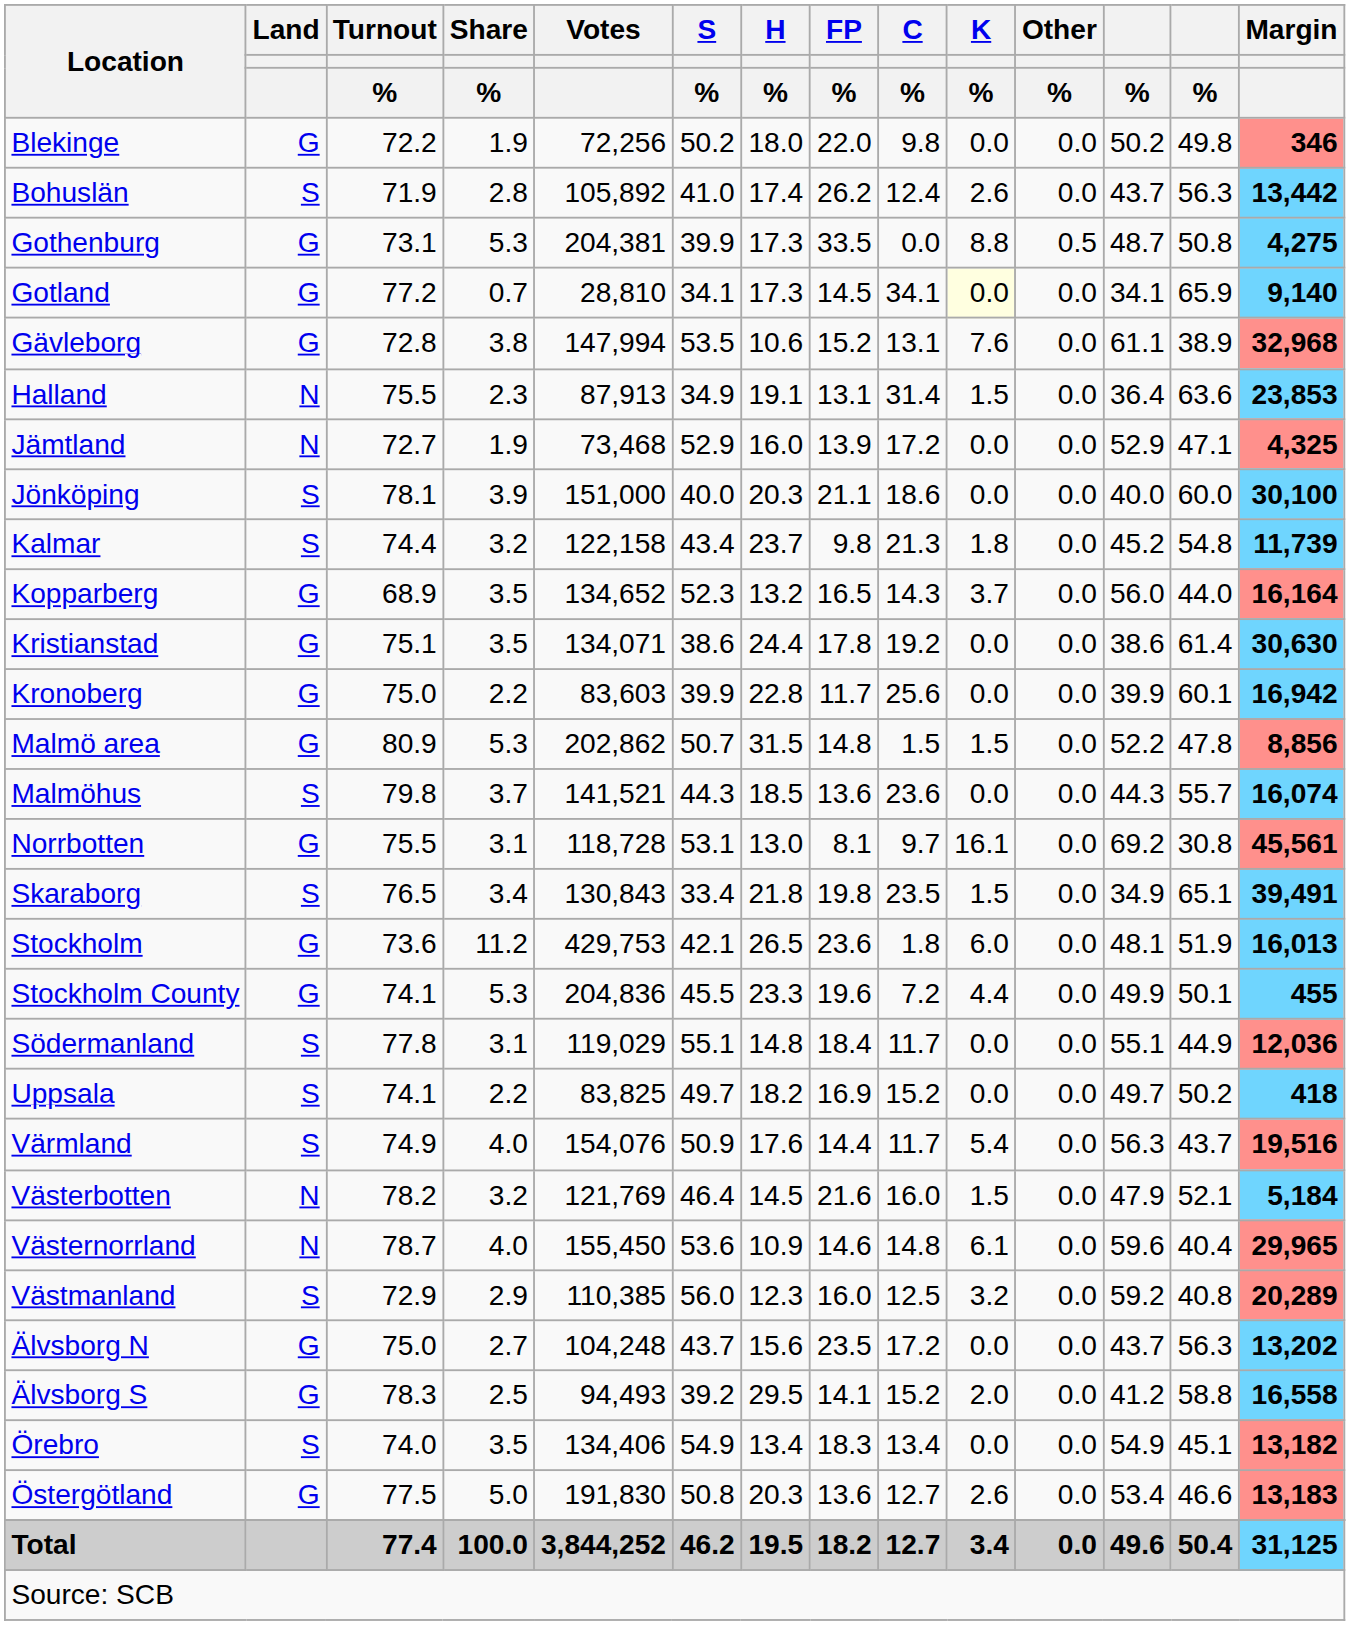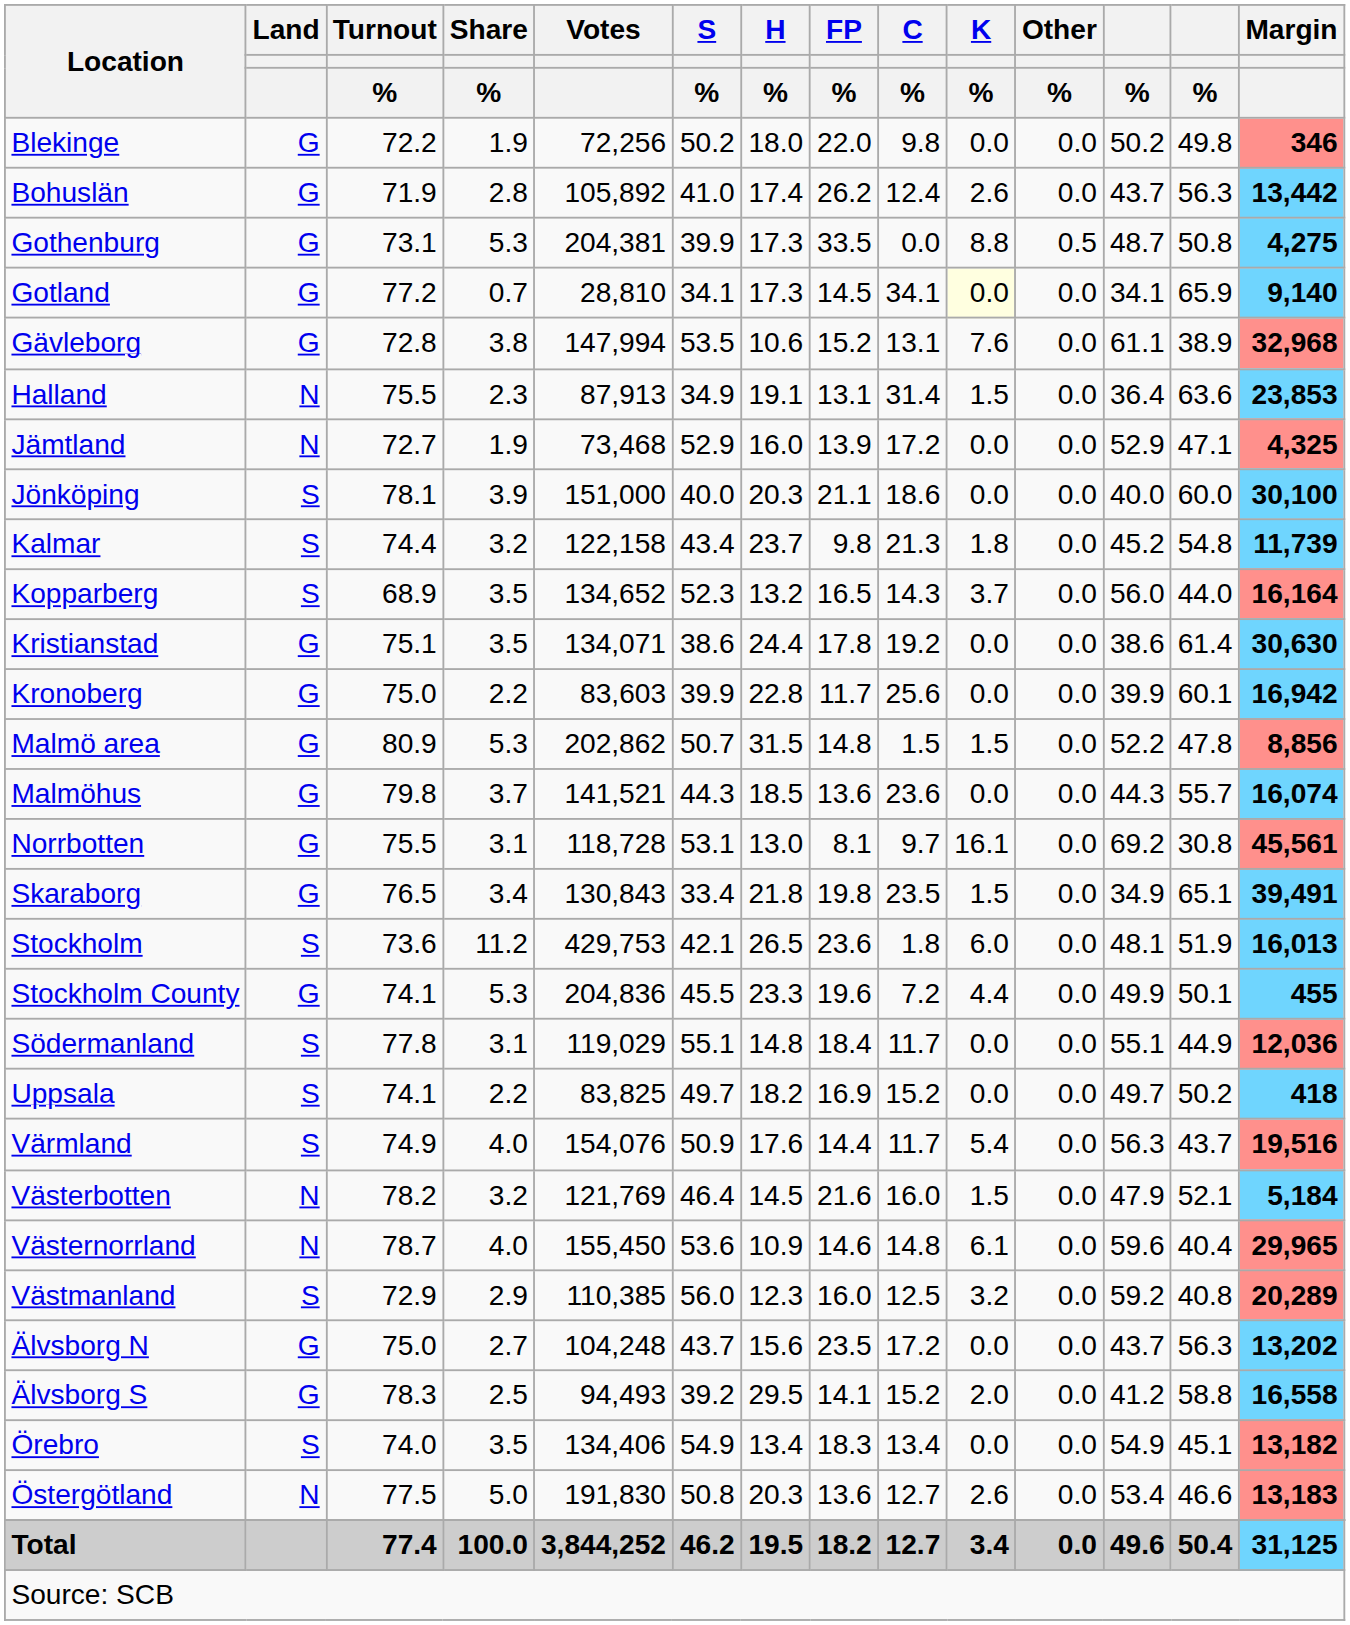 <table class="wikitable sortable" style="text-align:right; font-size:95%; line-height:20px;">
 <tr>
 <th rowspan="3">Location</th>
 <th>Land</th>
 <th>Turnout</th>
 <th>Share</th>
 <th>Votes</th>
 <th width="30px" class="unsortable"><a href='#'>S</a></th>
 <th width="30px" class="unsortable"><a href='#'>H</a></th>
 <th width="30px" class="unsortable"><a href='#'>FP</a></th>
 <th width="30px" class="unsortable"><a href='#'>C</a></th>
 <th width="30px" class="unsortable"><a href='#'>K</a></th>
 <th width="30px" class="unsortable">Other</th>
 <th></th>
 <th></th>
 <th>Margin</th>
 </tr>
 <tr>
 <th></th>
 <th></th>
 <th></th>
 <th></th>
 <th style="background:"></th>
 <th style="background:"></th>
 <th style="background:"></th>
 <th style="background:"></th>
 <th style="background:"></th>
 <th style="background:"></th>
 <th style="background:"></th>
 <th style="background:"></th>
 <th></th>
 </tr>
 <tr>
 <th></th>
 <th data-sort-type="number">%</th>
 <th data-sort-type="number">%</th>
 <th></th>
 <th data-sort-type="number">%</th>
 <th data-sort-type="number">%</th>
 <th data-sort-type="number">%</th>
 <th data-sort-type="number">%</th>
 <th data-sort-type="number">%</th>
 <th data-sort-type="number">%</th>
 <th data-sort-type="number">%</th>
 <th data-sort-type="number">%</th>
 <th></th>
 </tr>
 <tr>
 <td align=left><a href='#'>Blekinge</a></td>
 <td><a href='#'>G</a></td>
 <td>72.2</td>
 <td>1.9</td>
 <td>72,256</td>
 <td>50.2</td>
 <td>18.0</td>
 <td>22.0</td>
 <td>9.8</td>
 <td>0.0</td>
 <td>0.0</td>
 <td>50.2</td>
 <td>49.8</td>
 <td bgcolor=#ff908c><strong>346</strong></td>
 </tr>
 <tr>
 <td align=left><a href='#'>Bohuslän</a></td>
-<td><a href='#'>S</a></td>
+<td><a href='#'>G</a></td>
 <td>71.9</td>
 <td>2.8</td>
 <td>105,892</td>
 <td>41.0</td>
 <td>17.4</td>
 <td>26.2</td>
 <td>12.4</td>
 <td>2.6</td>
 <td>0.0</td>
 <td>43.7</td>
 <td>56.3</td>
 <td bgcolor=#6fd5fe><strong>13,442</strong></td>
 </tr>
 <tr>
 <td align=left><a href='#'>Gothenburg</a></td>
 <td><a href='#'>G</a></td>
 <td>73.1</td>
 <td>5.3</td>
 <td>204,381</td>
 <td>39.9</td>
 <td>17.3</td>
 <td>33.5</td>
 <td>0.0</td>
 <td>8.8</td>
 <td>0.5</td>
 <td>48.7</td>
 <td>50.8</td>
 <td bgcolor=#6fd5fe><strong>4,275</strong></td>
 </tr>
 <tr>
 <td align=left><a href='#'>Gotland</a></td>
 <td><a href='#'>G</a></td>
 <td>77.2</td>
 <td>0.7</td>
 <td>28,810</td>
 <td>34.1</td>
 <td>17.3</td>
 <td>14.5</td>
 <td>34.1</td>
 <td style="background: lightyellow;">0.0</td>
 <td>0.0</td>
 <td>34.1</td>
 <td>65.9</td>
 <td bgcolor=#6fd5fe><strong>9,140</strong></td>
 </tr>
 <tr>
 <td align=left><a href='#'>Gävleborg</a></td>
 <td><a href='#'>G</a></td>
 <td>72.8</td>
 <td>3.8</td>
 <td>147,994</td>
 <td>53.5</td>
 <td>10.6</td>
 <td>15.2</td>
 <td>13.1</td>
 <td>7.6</td>
 <td>0.0</td>
 <td>61.1</td>
 <td>38.9</td>
 <td bgcolor=#ff908c><strong>32,968</strong></td>
 </tr>
 <tr>
 <td align=left><a href='#'>Halland</a></td>
 <td><a href='#'>N</a></td>
 <td>75.5</td>
 <td>2.3</td>
 <td>87,913</td>
 <td>34.9</td>
 <td>19.1</td>
 <td>13.1</td>
 <td>31.4</td>
 <td>1.5</td>
 <td>0.0</td>
 <td>36.4</td>
 <td>63.6</td>
 <td bgcolor=#6fd5fe><strong>23,853</strong></td>
 </tr>
 <tr>
 <td align=left><a href='#'>Jämtland</a></td>
 <td><a href='#'>N</a></td>
 <td>72.7</td>
 <td>1.9</td>
 <td>73,468</td>
 <td>52.9</td>
 <td>16.0</td>
 <td>13.9</td>
 <td>17.2</td>
 <td>0.0</td>
 <td>0.0</td>
 <td>52.9</td>
 <td>47.1</td>
 <td bgcolor=#ff908c><strong>4,325</strong></td>
 </tr>
 <tr>
 <td align=left><a href='#'>Jönköping</a></td>
 <td><a href='#'>S</a></td>
 <td>78.1</td>
 <td>3.9</td>
 <td>151,000</td>
 <td>40.0</td>
 <td>20.3</td>
 <td>21.1</td>
 <td>18.6</td>
 <td>0.0</td>
 <td>0.0</td>
 <td>40.0</td>
 <td>60.0</td>
 <td bgcolor=#6fd5fe><strong>30,100</strong></td>
 </tr>
 <tr>
 <td align=left><a href='#'>Kalmar</a></td>
 <td><a href='#'>S</a></td>
 <td>74.4</td>
 <td>3.2</td>
 <td>122,158</td>
 <td>43.4</td>
 <td>23.7</td>
 <td>9.8</td>
 <td>21.3</td>
 <td>1.8</td>
 <td>0.0</td>
 <td>45.2</td>
 <td>54.8</td>
 <td bgcolor=#6fd5fe><strong>11,739</strong></td>
 </tr>
 <tr>
 <td align=left><a href='#'>Kopparberg</a></td>
-<td><a href='#'>G</a></td>
+<td><a href='#'>S</a></td>
 <td>68.9</td>
 <td>3.5</td>
 <td>134,652</td>
 <td>52.3</td>
 <td>13.2</td>
 <td>16.5</td>
 <td>14.3</td>
 <td>3.7</td>
 <td>0.0</td>
 <td>56.0</td>
 <td>44.0</td>
 <td bgcolor=#ff908c><strong>16,164</strong></td>
 </tr>
 <tr>
 <td align=left><a href='#'>Kristianstad</a></td>
 <td><a href='#'>G</a></td>
 <td>75.1</td>
 <td>3.5</td>
 <td>134,071</td>
 <td>38.6</td>
 <td>24.4</td>
 <td>17.8</td>
 <td>19.2</td>
 <td>0.0</td>
 <td>0.0</td>
 <td>38.6</td>
 <td>61.4</td>
 <td bgcolor=#6fd5fe><strong>30,630</strong></td>
 </tr>
 <tr>
 <td align=left><a href='#'>Kronoberg</a></td>
 <td><a href='#'>G</a></td>
 <td>75.0</td>
 <td>2.2</td>
 <td>83,603</td>
 <td>39.9</td>
 <td>22.8</td>
 <td>11.7</td>
 <td>25.6</td>
 <td>0.0</td>
 <td>0.0</td>
 <td>39.9</td>
 <td>60.1</td>
 <td bgcolor=#6fd5fe><strong>16,942</strong></td>
 </tr>
 <tr>
 <td align=left><a href='#'>Malmö area</a></td>
 <td><a href='#'>G</a></td>
 <td>80.9</td>
 <td>5.3</td>
 <td>202,862</td>
 <td>50.7</td>
 <td>31.5</td>
 <td>14.8</td>
 <td>1.5</td>
 <td>1.5</td>
 <td>0.0</td>
 <td>52.2</td>
 <td>47.8</td>
 <td bgcolor=#ff908c><strong>8,856</strong></td>
 </tr>
 <tr>
 <td align=left><a href='#'>Malmöhus</a></td>
-<td><a href='#'>S</a></td>
+<td><a href='#'>G</a></td>
 <td>79.8</td>
 <td>3.7</td>
 <td>141,521</td>
 <td>44.3</td>
 <td>18.5</td>
 <td>13.6</td>
 <td>23.6</td>
 <td>0.0</td>
 <td>0.0</td>
 <td>44.3</td>
 <td>55.7</td>
 <td bgcolor=#6fd5fe><strong>16,074</strong></td>
 </tr>
 <tr>
 <td align=left><a href='#'>Norrbotten</a></td>
 <td><a href='#'>G</a></td>
 <td>75.5</td>
 <td>3.1</td>
 <td>118,728</td>
 <td>53.1</td>
 <td>13.0</td>
 <td>8.1</td>
 <td>9.7</td>
 <td>16.1</td>
 <td>0.0</td>
 <td>69.2</td>
 <td>30.8</td>
 <td bgcolor=#ff908c><strong>45,561</strong></td>
 </tr>
 <tr>
 <td align=left><a href='#'>Skaraborg</a></td>
-<td><a href='#'>S</a></td>
+<td><a href='#'>G</a></td>
 <td>76.5</td>
 <td>3.4</td>
 <td>130,843</td>
 <td>33.4</td>
 <td>21.8</td>
 <td>19.8</td>
 <td>23.5</td>
 <td>1.5</td>
 <td>0.0</td>
 <td>34.9</td>
 <td>65.1</td>
 <td bgcolor=#6fd5fe><strong>39,491</strong></td>
 </tr>
 <tr>
 <td align=left><a href='#'>Stockholm</a></td>
-<td><a href='#'>G</a></td>
+<td><a href='#'>S</a></td>
 <td>73.6</td>
 <td>11.2</td>
 <td>429,753</td>
 <td>42.1</td>
 <td>26.5</td>
 <td>23.6</td>
 <td>1.8</td>
 <td>6.0</td>
 <td>0.0</td>
 <td>48.1</td>
 <td>51.9</td>
 <td bgcolor=#6fd5fe><strong>16,013</strong></td>
 </tr>
 <tr>
 <td align=left><a href='#'>Stockholm County</a></td>
 <td><a href='#'>G</a></td>
 <td>74.1</td>
 <td>5.3</td>
 <td>204,836</td>
 <td>45.5</td>
 <td>23.3</td>
 <td>19.6</td>
 <td>7.2</td>
 <td>4.4</td>
 <td>0.0</td>
 <td>49.9</td>
 <td>50.1</td>
 <td bgcolor=#6fd5fe><strong>455</strong></td>
 </tr>
 <tr>
 <td align=left><a href='#'>Södermanland</a></td>
 <td><a href='#'>S</a></td>
 <td>77.8</td>
 <td>3.1</td>
 <td>119,029</td>
 <td>55.1</td>
 <td>14.8</td>
 <td>18.4</td>
 <td>11.7</td>
 <td>0.0</td>
 <td>0.0</td>
 <td>55.1</td>
 <td>44.9</td>
 <td bgcolor=#ff908c><strong>12,036</strong></td>
 </tr>
 <tr>
 <td align=left><a href='#'>Uppsala</a></td>
 <td><a href='#'>S</a></td>
 <td>74.1</td>
 <td>2.2</td>
 <td>83,825</td>
 <td>49.7</td>
 <td>18.2</td>
 <td>16.9</td>
 <td>15.2</td>
 <td>0.0</td>
 <td>0.0</td>
 <td>49.7</td>
 <td>50.2</td>
 <td bgcolor=#6fd5fe><strong>418</strong></td>
 </tr>
 <tr>
 <td align=left><a href='#'>Värmland</a></td>
 <td><a href='#'>S</a></td>
 <td>74.9</td>
 <td>4.0</td>
 <td>154,076</td>
 <td>50.9</td>
 <td>17.6</td>
 <td>14.4</td>
 <td>11.7</td>
 <td>5.4</td>
 <td>0.0</td>
 <td>56.3</td>
 <td>43.7</td>
 <td bgcolor=#ff908c><strong>19,516</strong></td>
 </tr>
 <tr>
 <td align=left><a href='#'>Västerbotten</a></td>
 <td><a href='#'>N</a></td>
 <td>78.2</td>
 <td>3.2</td>
 <td>121,769</td>
 <td>46.4</td>
 <td>14.5</td>
 <td>21.6</td>
 <td>16.0</td>
 <td>1.5</td>
 <td>0.0</td>
 <td>47.9</td>
 <td>52.1</td>
 <td bgcolor=#6fd5fe><strong>5,184</strong></td>
 </tr>
 <tr>
 <td align=left><a href='#'>Västernorrland</a></td>
 <td><a href='#'>N</a></td>
 <td>78.7</td>
 <td>4.0</td>
 <td>155,450</td>
 <td>53.6</td>
 <td>10.9</td>
 <td>14.6</td>
 <td>14.8</td>
 <td>6.1</td>
 <td>0.0</td>
 <td>59.6</td>
 <td>40.4</td>
 <td bgcolor=#ff908c><strong>29,965</strong></td>
 </tr>
 <tr>
 <td align=left><a href='#'>Västmanland</a></td>
 <td><a href='#'>S</a></td>
 <td>72.9</td>
 <td>2.9</td>
 <td>110,385</td>
 <td>56.0</td>
 <td>12.3</td>
 <td>16.0</td>
 <td>12.5</td>
 <td>3.2</td>
 <td>0.0</td>
 <td>59.2</td>
 <td>40.8</td>
 <td bgcolor=#ff908c><strong>20,289</strong></td>
 </tr>
 <tr>
 <td align=left><a href='#'>Älvsborg N</a></td>
 <td><a href='#'>G</a></td>
 <td>75.0</td>
 <td>2.7</td>
 <td>104,248</td>
 <td>43.7</td>
 <td>15.6</td>
 <td>23.5</td>
 <td>17.2</td>
 <td>0.0</td>
 <td>0.0</td>
 <td>43.7</td>
 <td>56.3</td>
 <td bgcolor=#6fd5fe><strong>13,202</strong></td>
 </tr>
 <tr>
 <td align=left><a href='#'>Älvsborg S</a></td>
 <td><a href='#'>G</a></td>
 <td>78.3</td>
 <td>2.5</td>
 <td>94,493</td>
 <td>39.2</td>
 <td>29.5</td>
 <td>14.1</td>
 <td>15.2</td>
 <td>2.0</td>
 <td>0.0</td>
 <td>41.2</td>
 <td>58.8</td>
 <td bgcolor=#6fd5fe><strong>16,558</strong></td>
 </tr>
 <tr>
 <td align=left><a href='#'>Örebro</a></td>
 <td><a href='#'>S</a></td>
 <td>74.0</td>
 <td>3.5</td>
 <td>134,406</td>
 <td>54.9</td>
 <td>13.4</td>
 <td>18.3</td>
 <td>13.4</td>
 <td>0.0</td>
 <td>0.0</td>
 <td>54.9</td>
 <td>45.1</td>
 <td bgcolor=#ff908c><strong>13,182</strong></td>
 </tr>
 <tr>
 <td align=left><a href='#'>Östergötland</a></td>
-<td><a href='#'>G</a></td>
+<td><a href='#'>N</a></td>
 <td>77.5</td>
 <td>5.0</td>
 <td>191,830</td>
 <td>50.8</td>
 <td>20.3</td>
 <td>13.6</td>
 <td>12.7</td>
 <td>2.6</td>
 <td>0.0</td>
 <td>53.4</td>
 <td>46.6</td>
 <td bgcolor=#ff908c><strong>13,183</strong></td>
 </tr>
 <tr>
 </tr>
 <tr style="background:#CDCDCD;">
 <td align=left><strong>Total</strong></td>
 <td></td>
 <td><strong>77.4</strong></td>
 <td><strong>100.0</strong></td>
 <td><strong>3,844,252</strong></td>
 <td><strong>46.2</strong></td>
 <td><strong>19.5</strong></td>
 <td><strong>18.2</strong></td>
 <td><strong>12.7</strong></td>
 <td><strong>3.4</strong></td>
 <td><strong>0.0</strong></td>
 <td><strong>49.6</strong></td>
 <td><strong>50.4</strong></td>
 <td bgcolor=#6fd5fe><strong>31,125</strong></td>
 </tr>
 <tr>
 <td align=left colspan=14>Source: SCB </td>
 </tr>
 </table>
